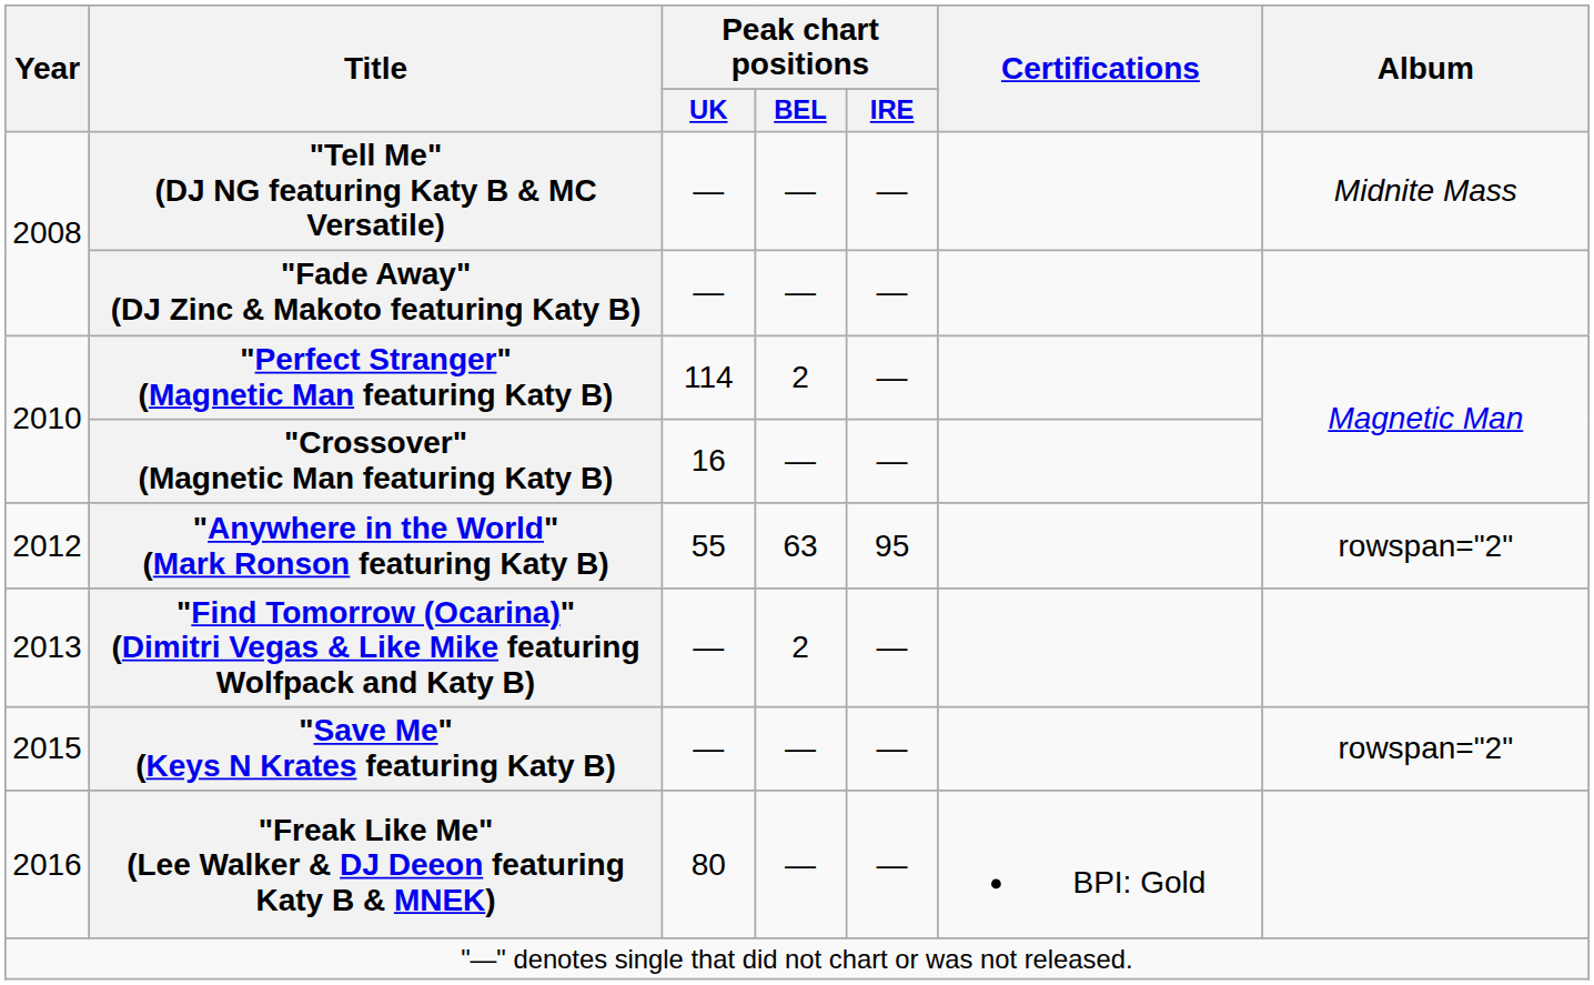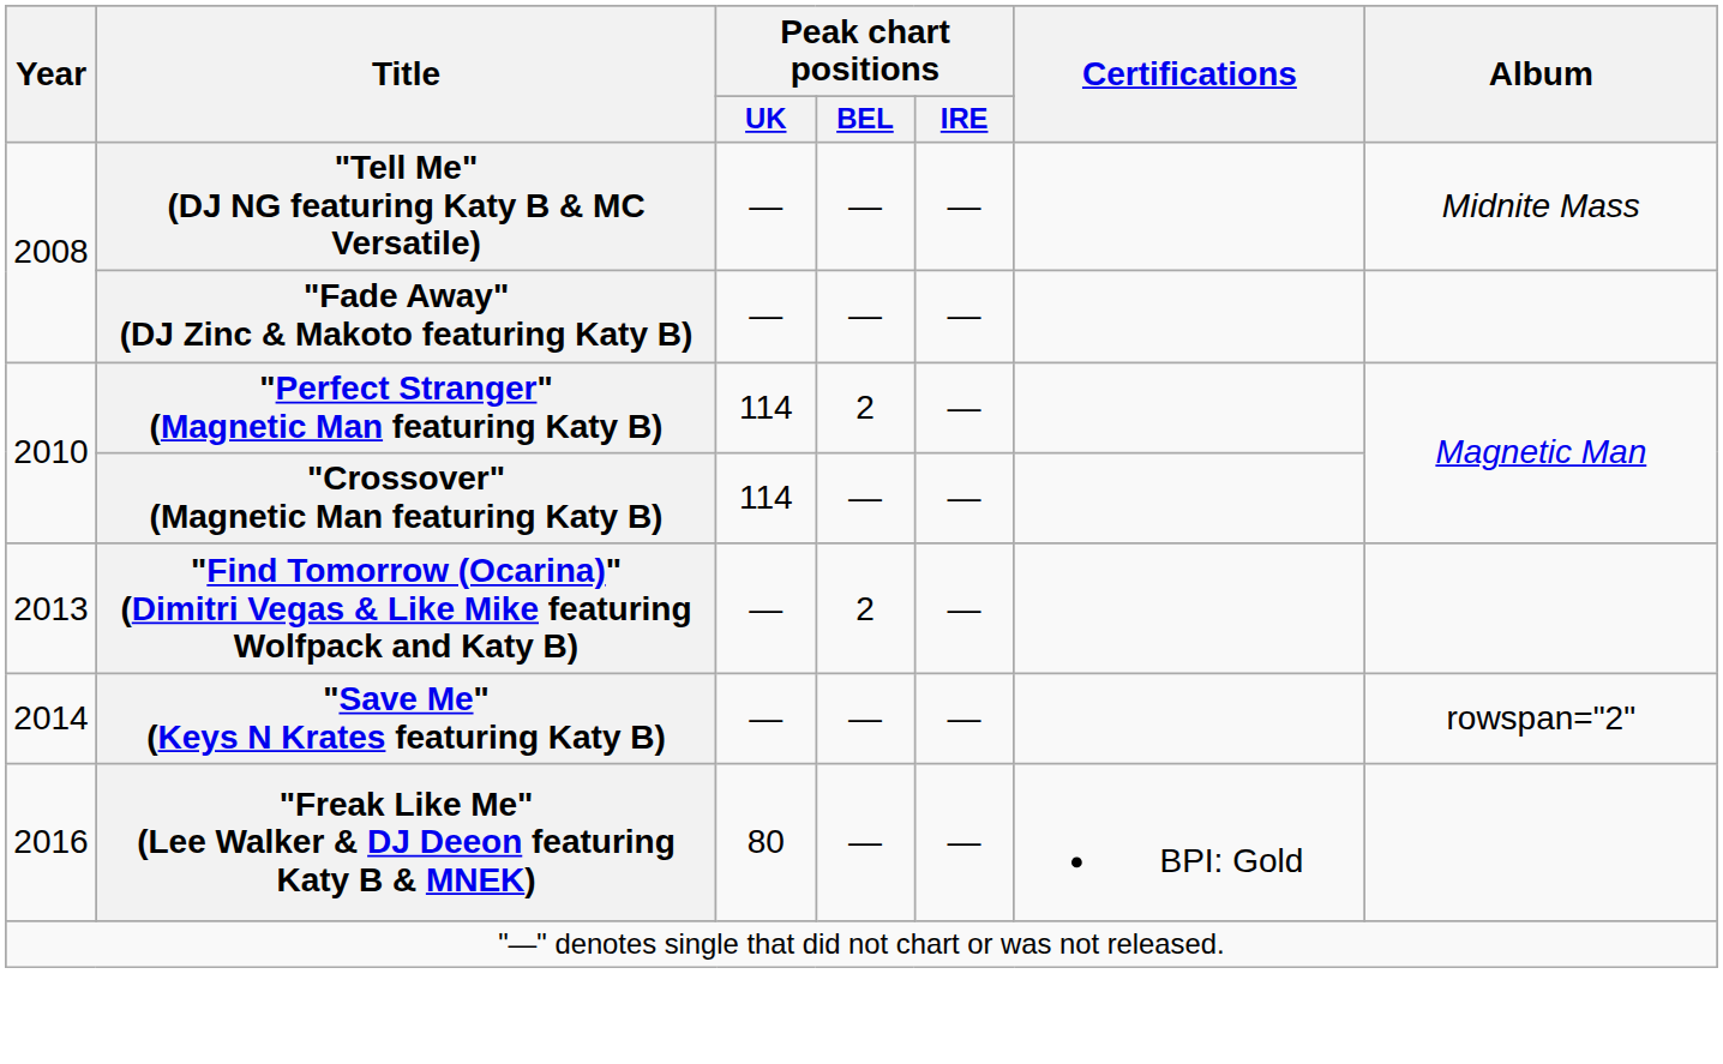 <table class="wikitable plainrowheaders" style="text-align:center;">
 <tr>
 <th scope="col" rowspan="2" style="width:1em;">Year</th>
 <th scope="col" rowspan="2" style="width:18em;">Title</th>
 <th scope="col" colspan="3">Peak chart positions</th>
 <th scope="col" rowspan="2" style="width:10em;"><a href='#'>Certifications</a></th>
 <th scope="col" rowspan="2" style="width:10em;">Album</th>
 </tr>
 <tr>
 <th scope="col" style="width:3em;font-size:85%;"><a href='#'>UK</a><br></th>
 <th scope="col" style="width:3em;font-size:85%;"><a href='#'>BEL</a><br></th>
 <th scope="col" style="width:3em;font-size:85%;"><a href='#'>IRE</a><br></th>
 </tr>
 <tr>
 <td rowspan="2">2008</td>
 <th scope="row">"Tell Me"<br><span>(DJ NG featuring Katy B & MC Versatile)</span></th>
 <td>—</td>
 <td>—</td>
 <td>—</td>
 <td></td>
 <td><em>Midnite Mass</em></td>
 </tr>
 <tr>
 <th scope="row">"Fade Away"<br><span>(DJ Zinc & Makoto featuring Katy B)</span></th>
 <td>—</td>
 <td>—</td>
 <td>—</td>
 <td></td>
 </tr>
 <tr>
 <td rowspan="2">2010</td>
 <th scope="row">"<a href='#'>Perfect Stranger</a>"<br><span>(<a href='#'>Magnetic Man</a> featuring Katy B)</span></th>
 <td>114</td>
 <td>2</td>
 <td>—</td>
 <td></td>
 <td rowspan="2"><em><a href='#'>Magnetic Man</a></em></td>
 </tr>
 <tr>
 <th scope="row">"Crossover"<br><span>(Magnetic Man featuring Katy B)</span></th>
-<td>16</td>
+<td>114</td>
 <td>—</td>
 <td>—</td>
 <td></td>
-</tr>
-<tr>
-<td>2012</td>
-<th scope="row">"<a href='#'>Anywhere in the World</a>"<br><span>(<a href='#'>Mark Ronson</a> featuring Katy B)</span></th>
-<td>55</td>
-<td>63</td>
-<td>95</td>
-<td></td>
-<td>rowspan="2" </td>
 </tr>
 <tr>
 <td>2013</td>
 <th scope="row">"<a href='#'>Find Tomorrow (Ocarina)</a>"<br><span>(<a href='#'>Dimitri Vegas & Like Mike</a> featuring Wolfpack and Katy B)</span></th>
 <td>—</td>
 <td>2</td>
 <td>—</td>
 <td></td>
 </tr>
 <tr>
-<td>2015</td>
+<td>2014</td>
 <th scope="row">"<a href='#'>Save Me</a>"<br><span>(<a href='#'>Keys N Krates</a> featuring Katy B)</span></th>
 <td>—</td>
 <td>—</td>
 <td>—</td>
 <td></td>
 <td>rowspan="2" </td>
 </tr>
 <tr>
 <td>2016</td>
 <th scope="row">"Freak Like Me"<br><span>(Lee Walker & <a href='#'>DJ Deeon</a> featuring Katy B & <a href='#'>MNEK</a>)</span></th>
 <td>80</td>
 <td>—</td>
 <td>—</td>
 <td><br><ul><li>BPI: Gold</li></ul></td>
 <td></td>
 </tr>
 <tr>
 <td colspan="7" style="font-size:85%;">"—" denotes single that did not chart or was not released.</td>
 </tr>
 </table>
